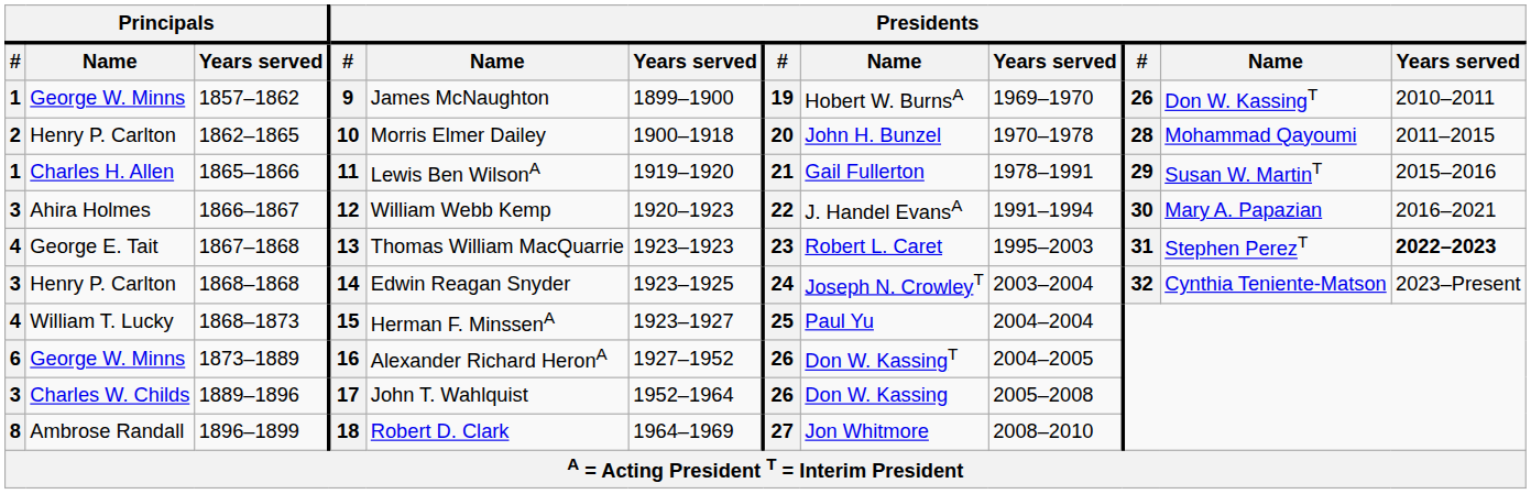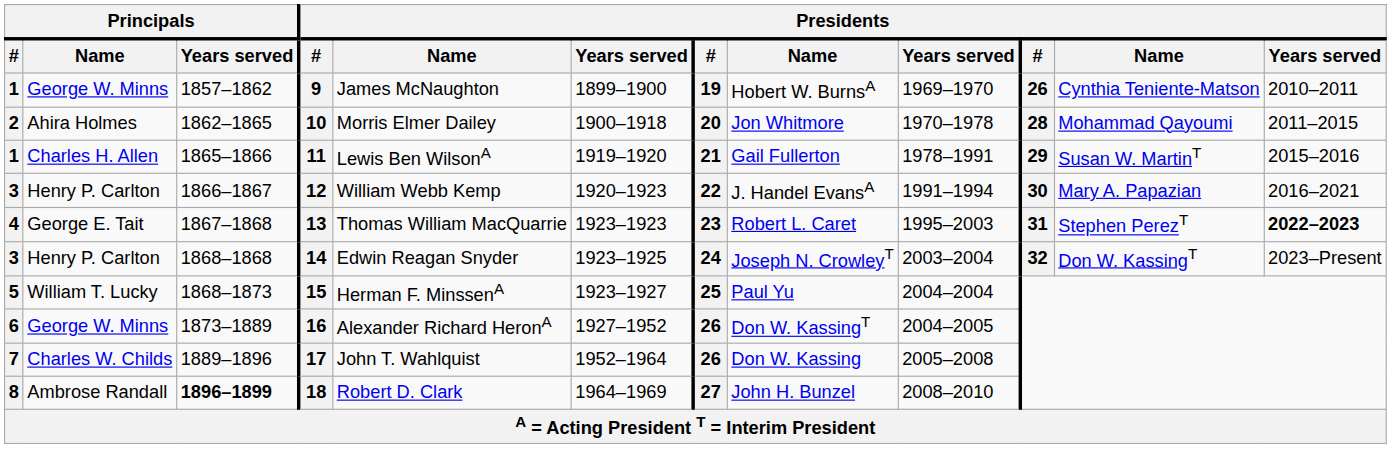 <table class="wikitable">
 <tr>
 <th colspan="3" style="border-bottom: solid; padding: 5px;">Principals</th>
 <th colspan="9" style="border-bottom: solid;border-left: 3px solid; padding: 5px;">Presidents</th>
 </tr>
 <tr>
 <th>#</th>
 <th>Name</th>
 <th>Years served</th>
 <th style="border-left: 3px solid; padding: 5px;">#</th>
 <th>Name</th>
 <th>Years served</th>
 <th style="border-left: solid">#</th>
 <th>Name</th>
 <th>Years served</th>
 <th style="border-left: solid">#</th>
 <th>Name</th>
 <th>Years served</th>
 </tr>
 <tr>
 <th>1</th>
 <td><a href='#'>George W. Minns</a></td>
 <td>1857–1862</td>
 <th style="border-left: 3px solid; padding: 5px;">9</th>
 <td>James McNaughton</td>
 <td>1899–1900</td>
 <th style="border-left: 3px solid; padding: 5px;">19</th>
 <td>Hobert W. Burns<sup>A</sup></td>
 <td>1969–1970</td>
 <th style="border-left: 3px solid; padding: 5px;">26</th>
-<td><a href='#'>Don W. Kassing</a><sup>T</sup></td>
+<td><a href='#'>Cynthia Teniente-Matson</a></td>
 <td>2010–2011</td>
 </tr>
 <tr>
 <th>2</th>
-<td>Henry P. Carlton</td>
+<td>Ahira Holmes</td>
 <td>1862–1865</td>
 <th style="border-left: 3px solid; padding: 5px;">10</th>
 <td>Morris Elmer Dailey</td>
 <td>1900–1918</td>
 <th style="border-left: 3px solid; padding: 5px;">20</th>
-<td><a href='#'>John H. Bunzel</a></td>
+<td><a href='#'>Jon Whitmore</a></td>
 <td>1970–1978</td>
 <th style="border-left: 3px solid; padding: 5px;">28</th>
 <td><a href='#'>Mohammad Qayoumi</a></td>
 <td>2011–2015</td>
 </tr>
 <tr>
 <th>1</th>
 <td><a href='#'>Charles H. Allen</a></td>
 <td>1865–1866</td>
 <th style="border-left: 3px solid; padding: 5px;">11</th>
 <td>Lewis Ben Wilson<sup>A</sup></td>
 <td>1919–1920</td>
 <th style="border-left: 3px solid; padding: 5px;">21</th>
 <td><a href='#'>Gail Fullerton</a></td>
 <td>1978–1991</td>
 <th style="border-left: 3px solid; padding: 5px;">29</th>
 <td><a href='#'>Susan W. Martin</a><sup>T</sup></td>
 <td>2015–2016</td>
 </tr>
 <tr>
 <th>3</th>
-<td>Ahira Holmes</td>
+<td>Henry P. Carlton</td>
 <td>1866–1867</td>
 <th style="border-left: 3px solid; padding: 5px;">12</th>
 <td>William Webb Kemp</td>
 <td>1920–1923</td>
 <th style="border-left: 3px solid; padding: 5px;">22</th>
 <td>J. Handel Evans<sup>A</sup></td>
 <td>1991–1994</td>
 <th style="border-left: 3px solid; padding: 5px;">30</th>
 <td><a href='#'>Mary A. Papazian</a></td>
 <td>2016–2021</td>
 </tr>
 <tr>
 <th>4</th>
 <td>George E. Tait</td>
 <td>1867–1868</td>
 <th style="border-left: 3px solid; padding: 5px;">13</th>
 <td>Thomas William MacQuarrie</td>
 <td>1923–1923</td>
 <th style="border-left: 3px solid; padding: 5px;">23</th>
 <td><a href='#'>Robert L. Caret</a></td>
 <td>1995–2003</td>
 <th style="border-left: 3px solid; padding: 5px;">31</th>
 <td><a href='#'>Stephen Perez</a><sup>T</sup></td>
 <td><strong>2022–2023</strong></td>
 </tr>
 <tr>
 <th>3</th>
 <td>Henry P. Carlton</td>
 <td>1868–1868</td>
 <th style="border-left: 3px solid; padding: 5px;">14</th>
 <td>Edwin Reagan Snyder</td>
 <td>1923–1925</td>
 <th style="border-left: 3px solid; padding: 5px;">24</th>
 <td><a href='#'>Joseph N. Crowley</a><sup>T</sup></td>
 <td>2003–2004</td>
 <th style="border-left: 3px solid; padding: 5px;">32</th>
-<td><a href='#'>Cynthia Teniente-Matson</a></td>
+<td><a href='#'>Don W. Kassing</a><sup>T</sup></td>
 <td>2023–Present</td>
 </tr>
 <tr>
-<th>4</th>
+<th>5</th>
 <td>William T. Lucky</td>
 <td>1868–1873</td>
 <th style="border-left: 3px solid; padding: 5px;">15</th>
 <td>Herman F. Minssen<sup>A</sup></td>
 <td>1923–1927</td>
 <th style="border-left: 3px solid; padding: 5px;">25</th>
 <td><a href='#'>Paul Yu</a></td>
 <td>2004–2004</td>
 <td colspan="3" rowspan="4" style="border-left: 3px solid; padding: 5px;"></td>
 </tr>
 <tr>
 <th>6</th>
 <td><a href='#'>George W. Minns</a></td>
 <td>1873–1889</td>
 <th style="border-left: 3px solid; padding: 5px;">16</th>
 <td>Alexander Richard Heron<sup>A</sup></td>
 <td>1927–1952</td>
 <th style="border-left: 3px solid; padding: 5px;">26</th>
 <td><a href='#'>Don W. Kassing</a><sup>T</sup></td>
 <td>2004–2005</td>
 </tr>
 <tr>
-<th>3</th>
+<th>7</th>
 <td><a href='#'>Charles W. Childs</a></td>
 <td>1889–1896</td>
 <th style="border-left: 3px solid; padding: 5px;">17</th>
 <td>John T. Wahlquist</td>
 <td>1952–1964</td>
 <th style="border-left: 3px solid; padding: 5px;">26</th>
 <td><a href='#'>Don W. Kassing</a></td>
 <td>2005–2008</td>
 </tr>
 <tr>
 <th>8</th>
 <td>Ambrose Randall</td>
-<td>1896–1899</td>
+<td><strong>1896–1899</strong></td>
 <th style="border-left: 3px solid; padding: 5px;">18</th>
 <td><a href='#'>Robert D. Clark</a></td>
 <td>1964–1969</td>
 <th style="border-left: 3px solid; padding: 5px;">27</th>
-<td><a href='#'>Jon Whitmore</a></td>
+<td><a href='#'>John H. Bunzel</a></td>
 <td>2008–2010</td>
 </tr>
 <tr>
 <th colspan="12"><sup>A</sup> = Acting President   <sup>T</sup> = Interim President</th>
 </tr>
 </table>
